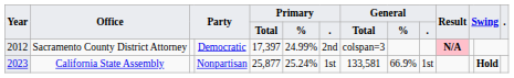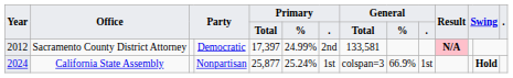 <table class="wikitable" style="font-size:90%; text-align:center;">
 <tr>
 <th style="background-color:#EAECF0;" rowspan=2>Year</th>
 <th style="background-color:#EAECF0;" rowspan=2>Office</th>
 <th style="background-color:#EAECF0;" colspan=2 rowspan=2>Party</th>
 <th style="background-color:#EAECF0;" colspan=3>Primary</th>
 <th style="background-color:#EAECF0;" colspan=3>General</th>
 <th style="background-color:#EAECF0;" rowspan=2>Result</th>
 <th style="background-color:#EAECF0;" colspan=2 rowspan=2><a href='#'>Swing</a></th>
 <th style="background-color:#EAECF0;" rowspan=2>.</th>
 </tr>
 <tr>
 <th style="background-color:#EAECF0;">Total</th>
 <th style="background-color:#EAECF0;">%</th>
 <th style="background-color:#EAECF0;">.</th>
 <th style="background-color:#EAECF0;">Total</th>
 <th style="background-color:#EAECF0;">%</th>
 <th style="background-color:#EAECF0;">.</th>
 </tr>
 <tr>
 <td style="background-color:#EAECF0;">2012</td>
 <td>Sacramento County District Attorney</td>
 <td style="background-color:"></td>
 <td><a href='#'>Democratic</a></td>
 <td>17,397</td>
 <td>24.99%</td>
 <td>2nd</td>
-<td>colspan=3 </td>
+<td>133,581</td>
 <td></td>
 <td style="background-color:"></td>
 <td style="background: pink;"><strong>N/A</strong></td>
 <td></td>
 </tr>
 <tr>
-<td style="background-color:#EAECF0;"><a href='#'>2023</a></td>
+<td style="background-color:#EAECF0;"><a href='#'>2024</a></td>
 <td><a href='#'>California State Assembly</a></td>
 <td style="background-color:"></td>
 <td><a href='#'>Nonpartisan</a></td>
 <td>25,877</td>
 <td>25.24%</td>
 <td>1st</td>
-<td>133,581</td>
+<td>colspan=3 </td>
 <td>66.9%</td>
 <td>1st</td>
 <td></td>
 <td style="background-color:"></td>
 <td><strong>Hold</strong></td>
 <td></td>
 </tr>
 </table>
